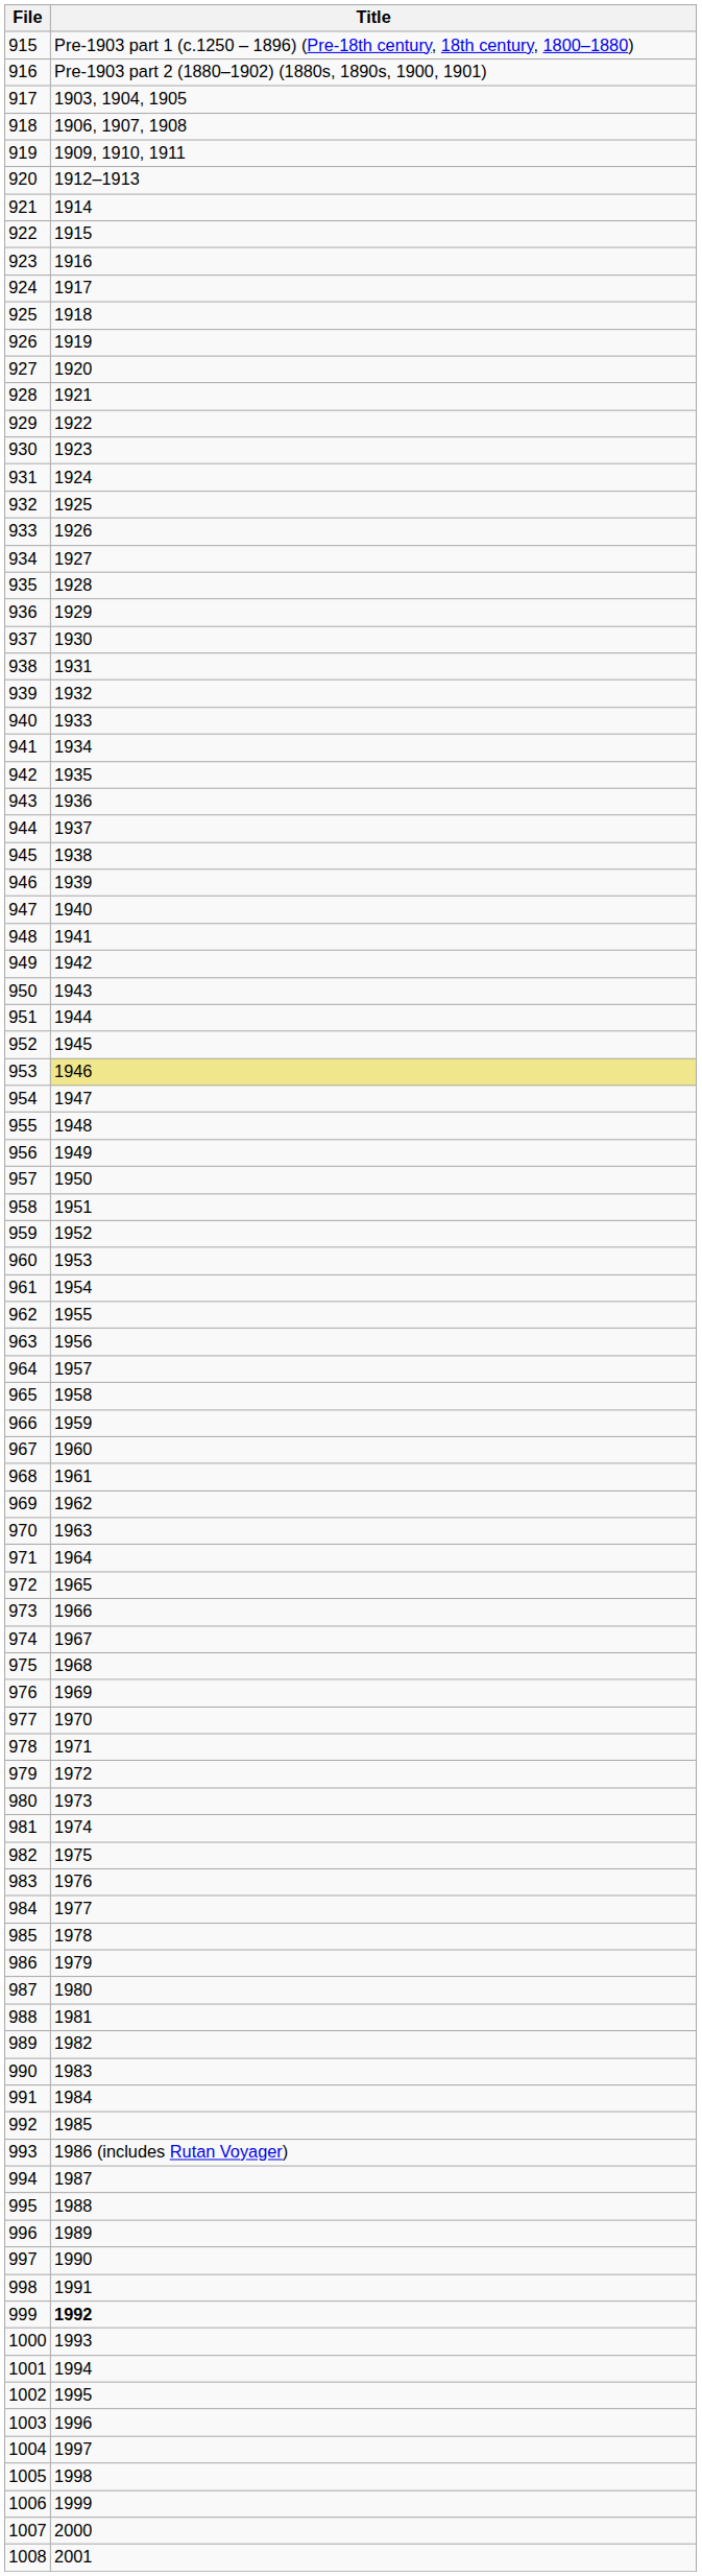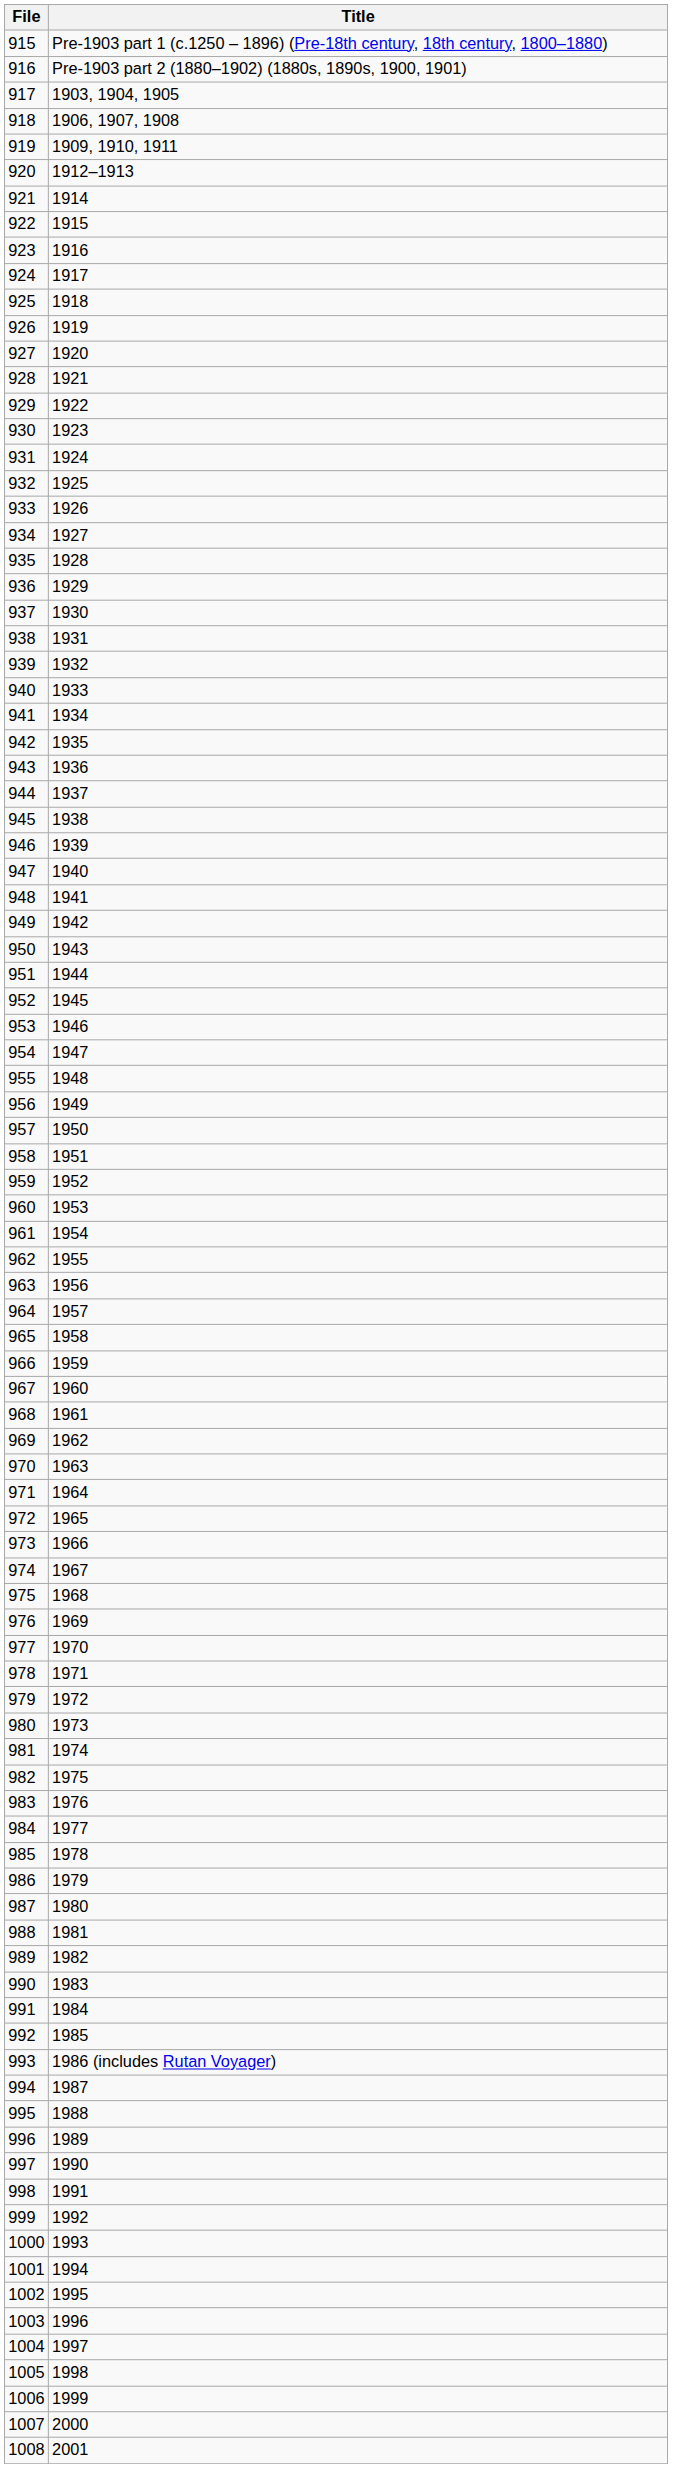 <table class="wikitable collapsible collapsed" border="1">
 <tr>
 <th>File</th>
 <th width=600>Title</th>
 </tr>
 <tr>
 <td>915</td>
 <td>Pre-1903 part 1 (c.1250 – 1896) (<a href='#'>Pre-18th century</a>, <a href='#'>18th century</a>, <a href='#'>1800–1880</a>)</td>
 </tr>
 <tr>
 <td>916</td>
 <td>Pre-1903 part 2 (1880–1902) (1880s, 1890s, 1900, 1901)</td>
 </tr>
 <tr>
 <td>917</td>
 <td>1903, 1904, 1905</td>
 </tr>
 <tr>
 <td>918</td>
 <td>1906, 1907, 1908</td>
 </tr>
 <tr>
 <td>919</td>
 <td>1909, 1910, 1911</td>
 </tr>
 <tr>
 <td>920</td>
 <td>1912–1913</td>
 </tr>
 <tr>
 <td>921</td>
 <td>1914</td>
 </tr>
 <tr>
 <td>922</td>
 <td>1915</td>
 </tr>
 <tr>
 <td>923</td>
 <td>1916</td>
 </tr>
 <tr>
 <td>924</td>
 <td>1917</td>
 </tr>
 <tr>
 <td>925</td>
 <td>1918</td>
 </tr>
 <tr>
 <td>926</td>
 <td>1919</td>
 </tr>
 <tr>
 <td>927</td>
 <td>1920</td>
 </tr>
 <tr>
 <td>928</td>
 <td>1921</td>
 </tr>
 <tr>
 <td>929</td>
 <td>1922</td>
 </tr>
 <tr>
 <td>930</td>
 <td>1923</td>
 </tr>
 <tr>
 <td>931</td>
 <td>1924</td>
 </tr>
 <tr>
 <td>932</td>
 <td>1925</td>
 </tr>
 <tr>
 <td>933</td>
 <td>1926</td>
 </tr>
 <tr>
 <td>934</td>
 <td>1927</td>
 </tr>
 <tr>
 <td>935</td>
 <td>1928</td>
 </tr>
 <tr>
 <td>936</td>
 <td>1929</td>
 </tr>
 <tr>
 <td>937</td>
 <td>1930</td>
 </tr>
 <tr>
 <td>938</td>
 <td>1931</td>
 </tr>
 <tr>
 <td>939</td>
 <td>1932</td>
 </tr>
 <tr>
 <td>940</td>
 <td>1933</td>
 </tr>
 <tr>
 <td>941</td>
 <td>1934</td>
 </tr>
 <tr>
 <td>942</td>
 <td>1935</td>
 </tr>
 <tr>
 <td>943</td>
 <td>1936</td>
 </tr>
 <tr>
 <td>944</td>
 <td>1937</td>
 </tr>
 <tr>
 <td>945</td>
 <td>1938</td>
 </tr>
 <tr>
 <td>946</td>
 <td>1939</td>
 </tr>
 <tr>
 <td>947</td>
 <td>1940</td>
 </tr>
 <tr>
 <td>948</td>
 <td>1941</td>
 </tr>
 <tr>
 <td>949</td>
 <td>1942</td>
 </tr>
 <tr>
 <td>950</td>
 <td>1943</td>
 </tr>
 <tr>
 <td>951</td>
 <td>1944</td>
 </tr>
 <tr>
 <td>952</td>
 <td>1945</td>
 </tr>
 <tr>
 <td>953</td>
-<td style="background: khaki;">1946</td>
+<td>1946</td>
 </tr>
 <tr>
 <td>954</td>
 <td>1947</td>
 </tr>
 <tr>
 <td>955</td>
 <td>1948</td>
 </tr>
 <tr>
 <td>956</td>
 <td>1949</td>
 </tr>
 <tr>
 <td>957</td>
 <td>1950</td>
 </tr>
 <tr>
 <td>958</td>
 <td>1951</td>
 </tr>
 <tr>
 <td>959</td>
 <td>1952</td>
 </tr>
 <tr>
 <td>960</td>
 <td>1953</td>
 </tr>
 <tr>
 <td>961</td>
 <td>1954</td>
 </tr>
 <tr>
 <td>962</td>
 <td>1955</td>
 </tr>
 <tr>
 <td>963</td>
 <td>1956</td>
 </tr>
 <tr>
 <td>964</td>
 <td>1957</td>
 </tr>
 <tr>
 <td>965</td>
 <td>1958</td>
 </tr>
 <tr>
 <td>966</td>
 <td>1959</td>
 </tr>
 <tr>
 <td>967</td>
 <td>1960</td>
 </tr>
 <tr>
 <td>968</td>
 <td>1961</td>
 </tr>
 <tr>
 <td>969</td>
 <td>1962</td>
 </tr>
 <tr>
 <td>970</td>
 <td>1963</td>
 </tr>
 <tr>
 <td>971</td>
 <td>1964</td>
 </tr>
 <tr>
 <td>972</td>
 <td>1965</td>
 </tr>
 <tr>
 <td>973</td>
 <td>1966</td>
 </tr>
 <tr>
 <td>974</td>
 <td>1967</td>
 </tr>
 <tr>
 <td>975</td>
 <td>1968</td>
 </tr>
 <tr>
 <td>976</td>
 <td>1969</td>
 </tr>
 <tr>
 <td>977</td>
 <td>1970</td>
 </tr>
 <tr>
 <td>978</td>
 <td>1971</td>
 </tr>
 <tr>
 <td>979</td>
 <td>1972</td>
 </tr>
 <tr>
 <td>980</td>
 <td>1973</td>
 </tr>
 <tr>
 <td>981</td>
 <td>1974</td>
 </tr>
 <tr>
 <td>982</td>
 <td>1975</td>
 </tr>
 <tr>
 <td>983</td>
 <td>1976</td>
 </tr>
 <tr>
 <td>984</td>
 <td>1977</td>
 </tr>
 <tr>
 <td>985</td>
 <td>1978</td>
 </tr>
 <tr>
 <td>986</td>
 <td>1979</td>
 </tr>
 <tr>
 <td>987</td>
 <td>1980</td>
 </tr>
 <tr>
 <td>988</td>
 <td>1981</td>
 </tr>
 <tr>
 <td>989</td>
 <td>1982</td>
 </tr>
 <tr>
 <td>990</td>
 <td>1983</td>
 </tr>
 <tr>
 <td>991</td>
 <td>1984</td>
 </tr>
 <tr>
 <td>992</td>
 <td>1985</td>
 </tr>
 <tr>
 <td>993</td>
 <td>1986 (includes <a href='#'>Rutan Voyager</a>)</td>
 </tr>
 <tr>
 <td>994</td>
 <td>1987</td>
 </tr>
 <tr>
 <td>995</td>
 <td>1988</td>
 </tr>
 <tr>
 <td>996</td>
 <td>1989</td>
 </tr>
 <tr>
 <td>997</td>
 <td>1990</td>
 </tr>
 <tr>
 <td>998</td>
 <td>1991</td>
 </tr>
 <tr>
 <td>999</td>
-<td><strong>1992</strong></td>
+<td>1992</td>
 </tr>
 <tr>
 <td>1000</td>
 <td>1993</td>
 </tr>
 <tr>
 <td>1001</td>
 <td>1994</td>
 </tr>
 <tr>
 <td>1002</td>
 <td>1995</td>
 </tr>
 <tr>
 <td>1003</td>
 <td>1996</td>
 </tr>
 <tr>
 <td>1004</td>
 <td>1997</td>
 </tr>
 <tr>
 <td>1005</td>
 <td>1998</td>
 </tr>
 <tr>
 <td>1006</td>
 <td>1999</td>
 </tr>
 <tr>
 <td>1007</td>
 <td>2000</td>
 </tr>
 <tr>
 <td>1008</td>
 <td>2001</td>
 </tr>
 </table>
